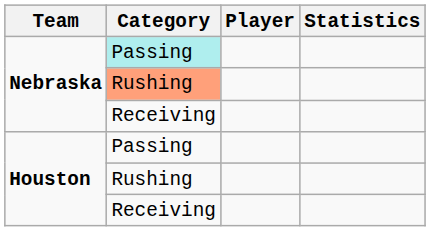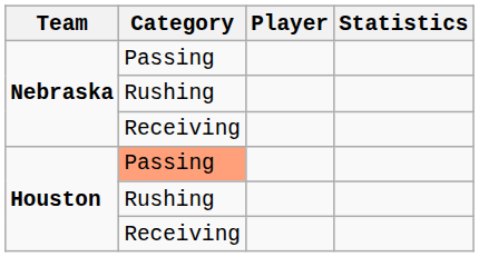 <table class="wikitable" style="float: right;">
 <tr>
 <th>Team</th>
 <th>Category</th>
 <th>Player</th>
 <th>Statistics</th>
 </tr>
 <tr>
 <td rowspan=3><strong>Nebraska</strong></td>
-<td style="background: paleturquoise;">Passing</td>
-<td></td>
-<td></td>
-</tr>
-<tr>
-<td style="background: lightsalmon;">Rushing</td>
-<td></td>
-<td></td>
-</tr>
-<tr>
-<td>Receiving</td>
-<td></td>
-<td></td>
-</tr>
-<tr>
-<td rowspan=3><strong>Houston</strong></td>
 <td>Passing</td>
 <td></td>
 <td></td>
 </tr>
 <tr>
 <td>Rushing</td>
 <td></td>
 <td></td>
 </tr>
 <tr>
 <td>Receiving</td>
 <td></td>
 <td></td>
 </tr>
+<tr>
+<td rowspan=3><strong>Houston</strong></td>
+<td style="background: lightsalmon;">Passing</td>
+<td></td>
+<td></td>
+</tr>
+<tr>
+<td>Rushing</td>
+<td></td>
+<td></td>
+</tr>
+<tr>
+<td>Receiving</td>
+<td></td>
+<td></td>
+</tr>
 </table>
